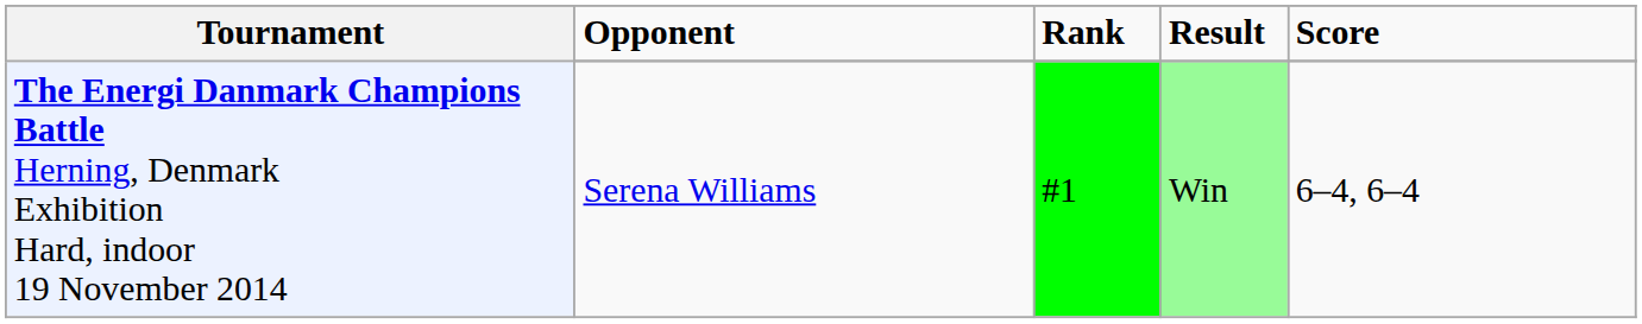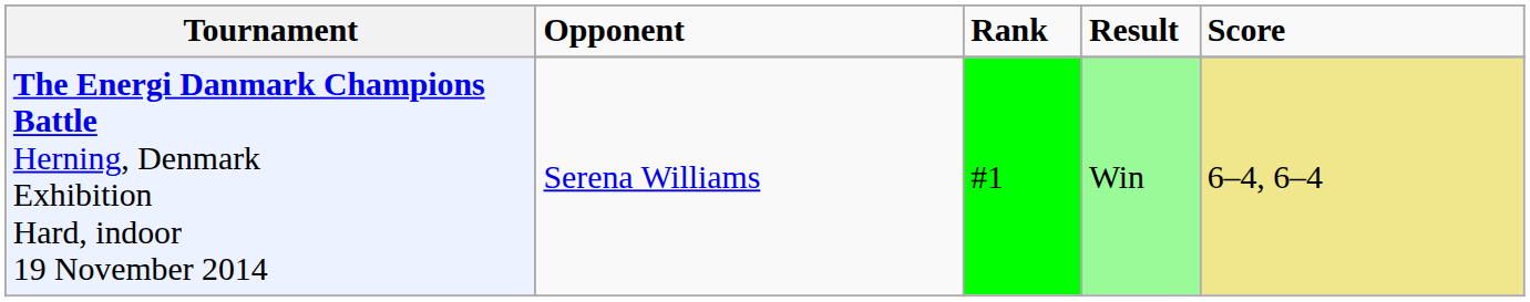 <table class="wikitable">
 <tr style="font-weight:bold">
 <th style="width:250px;">Tournament</th>
 <td style="width:200px;">Opponent</td>
 <td style="width:50px;">Rank</td>
 <td style="width:50px;">Result</td>
 <td style="width:150px;">Score</td>
 </tr>
 <tr>
 <td rowspan="4" style="background:#ecf2ff; text-align:left; vertical-align:top;"><strong><a href='#'>The Energi Danmark Champions Battle</a></strong><br> <a href='#'>Herning</a>, Denmark <br> Exhibition <br> Hard, indoor <br> 19 November 2014</td>
 </tr>
 <tr>
 <td> <a href='#'>Serena Williams</a></td>
 <td bgcolor=lime>#1</td>
 <td bgcolor="#98FB98">Win</td>
-<td>6–4, 6–4</td>
+<td style="background: khaki;">6–4, 6–4</td>
 </tr>
 </table>
